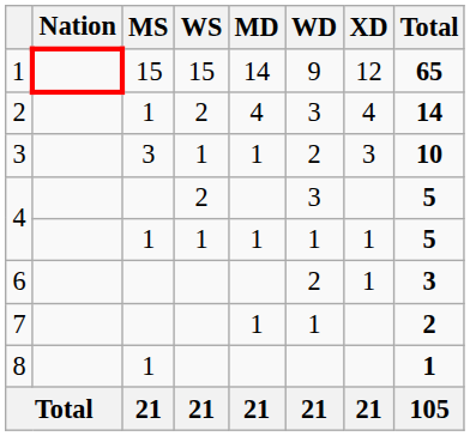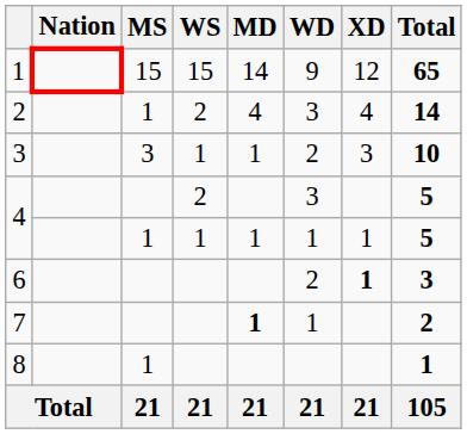 <table class="wikitable" style="text-align:center">
 <tr>
 <th></th>
 <th>Nation</th>
 <th>MS</th>
 <th>WS</th>
 <th>MD</th>
 <th>WD</th>
 <th>XD</th>
 <th>Total</th>
 </tr>
 <tr>
 <td>1</td>
 <td style="border: 3px solid red" align=left><strong></strong></td>
 <td>15</td>
 <td>15</td>
 <td>14</td>
 <td>9</td>
 <td>12</td>
 <td><strong>65</strong></td>
 </tr>
 <tr>
 <td>2</td>
 <td align=left></td>
 <td>1</td>
 <td>2</td>
 <td>4</td>
 <td>3</td>
 <td>4</td>
 <td><strong>14</strong></td>
 </tr>
 <tr>
 <td>3</td>
 <td align=left></td>
 <td>3</td>
 <td>1</td>
 <td>1</td>
 <td>2</td>
 <td>3</td>
 <td><strong>10</strong></td>
 </tr>
 <tr>
 <td rowspan="2">4</td>
 <td align=left></td>
 <td></td>
 <td>2</td>
 <td></td>
 <td>3</td>
 <td></td>
 <td><strong>5</strong></td>
 </tr>
 <tr>
 <td align=left></td>
 <td>1</td>
 <td>1</td>
 <td>1</td>
 <td>1</td>
 <td>1</td>
 <td><strong>5</strong></td>
 </tr>
 <tr>
 <td>6</td>
 <td align=left></td>
 <td></td>
 <td></td>
 <td></td>
 <td>2</td>
-<td>1</td>
+<td><strong>1</strong></td>
 <td><strong>3</strong></td>
 </tr>
 <tr>
 <td>7</td>
 <td align=left></td>
 <td></td>
 <td></td>
-<td>1</td>
+<td><strong>1</strong></td>
 <td>1</td>
 <td></td>
 <td><strong>2</strong></td>
 </tr>
 <tr>
 <td>8</td>
 <td align=left></td>
 <td>1</td>
 <td></td>
 <td></td>
 <td></td>
 <td></td>
 <td><strong>1</strong></td>
 </tr>
 <tr>
 <th colspan="2">Total</th>
 <th>21</th>
 <th>21</th>
 <th>21</th>
 <th>21</th>
 <th>21</th>
 <th>105</th>
 </tr>
 </table>
